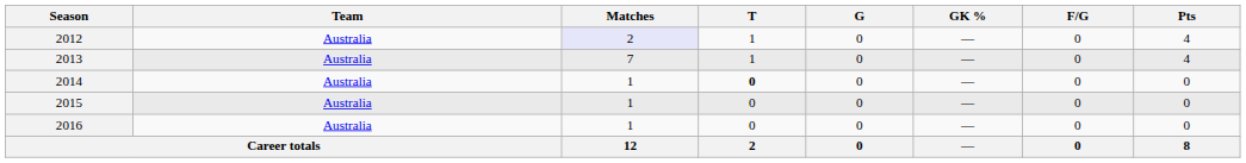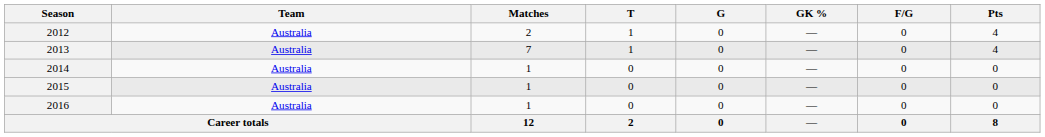 <table class="wikitable sortable"  style="font-size:90%; text-align:center; width:85%;">
 <tr>
 <th width=2%>Season</th>
 <th width=8%>Team</th>
 <th width=2%>Matches</th>
 <th width=2%>T</th>
 <th width=2%>G</th>
 <th width=2%>GK %</th>
 <th width=2%>F/G</th>
 <th width=2%>Pts</th>
 </tr>
 <tr>
 <th scope="row" style="text-align:center; font-weight:normal">2012</th>
 <td style="text-align:center;"><a href='#'>Australia</a></td>
-<td style="background: lavender;">2</td>
+<td>2</td>
 <td>1</td>
 <td>0</td>
 <td>—</td>
 <td>0</td>
 <td>4</td>
 </tr>
 <tr style="background:#eaeaea;">
 <th scope="row" style="text-align:center; font-weight:normal">2013</th>
 <td style="text-align:center;"><a href='#'>Australia</a></td>
 <td>7</td>
 <td>1</td>
 <td>0</td>
 <td>—</td>
 <td>0</td>
 <td>4</td>
 </tr>
 <tr>
 <th scope="row" style="text-align:center; font-weight:normal">2014</th>
 <td style="text-align:center;"><a href='#'>Australia</a></td>
 <td>1</td>
-<td><strong>0</strong></td>
+<td>0</td>
 <td>0</td>
 <td>—</td>
 <td>0</td>
 <td>0</td>
 </tr>
 <tr style="background:#eaeaea;">
 <th scope="row" style="text-align:center; font-weight:normal">2015</th>
 <td style="text-align:center;"><a href='#'>Australia</a></td>
 <td>1</td>
 <td>0</td>
 <td>0</td>
 <td>—</td>
 <td>0</td>
 <td>0</td>
 </tr>
 <tr>
 <th scope="row" style="text-align:center; font-weight:normal">2016</th>
 <td style="text-align:center;"><a href='#'>Australia</a></td>
 <td>1</td>
 <td>0</td>
 <td>0</td>
 <td>—</td>
 <td>0</td>
 <td>0</td>
 </tr>
 <tr class="sortbottom">
 <th colspan=2>Career totals</th>
 <th>12</th>
 <th>2</th>
 <th>0</th>
 <th>—</th>
 <th>0</th>
 <th>8</th>
 </tr>
 </table>
